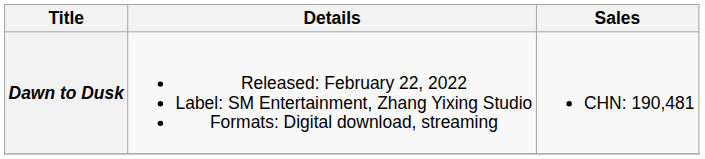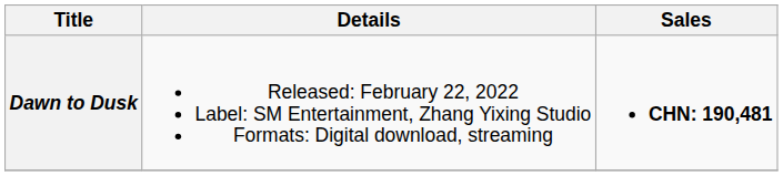 <table class="wikitable plainrowheaders" style="text-align:center;">
 <tr>
 <th scope="col">Title</th>
 <th scope="col">Details</th>
 <th scope="col">Sales</th>
 </tr>
 <tr>
 <th scope="row"><em>Dawn to Dusk</em> <br> </th>
 <td><br><ul><li>Released: February 22, 2022</li><li>Label: SM Entertainment, Zhang Yixing Studio</li><li>Formats: Digital download, streaming</li></ul></td>
-<td><br><ul><li>CHN: 190,481 <small></small></li></ul></td>
+<td><strong><br><ul><li>CHN: 190,481 <small></small></li></ul></strong></td>
 </tr>
 <tr>
 </tr>
 </table>
